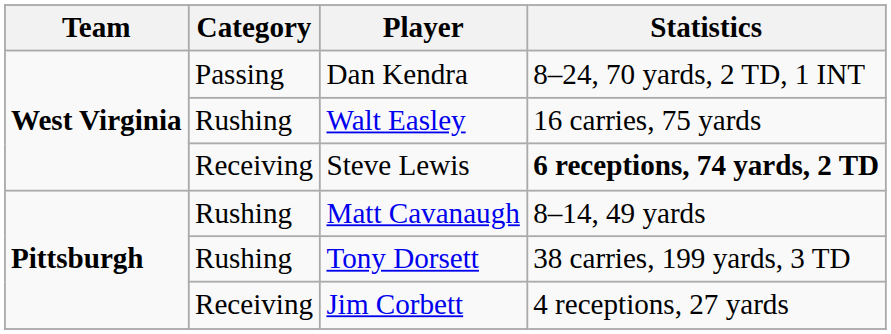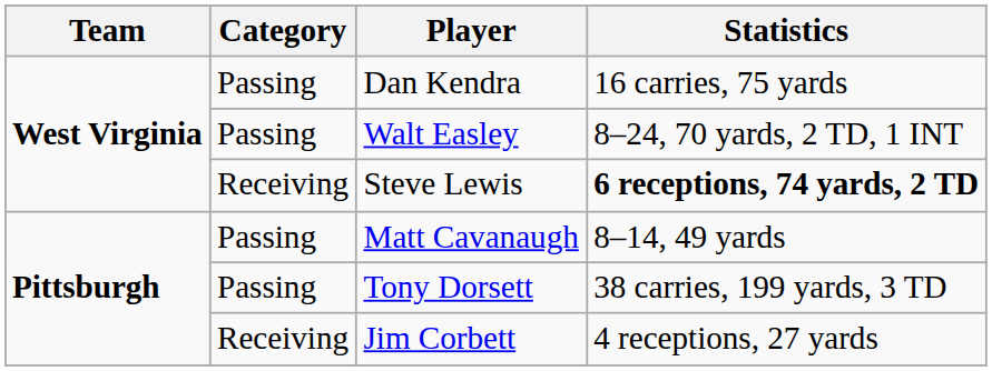 <table class="wikitable" style="float: right;">
 <tr>
 <th>Team</th>
 <th>Category</th>
 <th>Player</th>
 <th>Statistics</th>
 </tr>
 <tr>
 <td rowspan=3><strong>West Virginia</strong></td>
 <td>Passing</td>
 <td>Dan Kendra</td>
-<td>8–24, 70 yards, 2 TD, 1 INT</td>
+<td>16 carries, 75 yards</td>
 </tr>
 <tr>
-<td>Rushing</td>
+<td>Passing</td>
 <td><a href='#'>Walt Easley</a></td>
-<td>16 carries, 75 yards</td>
+<td>8–24, 70 yards, 2 TD, 1 INT</td>
 </tr>
 <tr>
 <td>Receiving</td>
 <td>Steve Lewis</td>
 <td><strong>6 receptions, 74 yards, 2 TD</strong></td>
 </tr>
 <tr>
 <td rowspan=3><strong>Pittsburgh</strong></td>
-<td>Rushing</td>
+<td>Passing</td>
 <td><a href='#'>Matt Cavanaugh</a></td>
 <td>8–14, 49 yards</td>
 </tr>
 <tr>
-<td>Rushing</td>
+<td>Passing</td>
 <td><a href='#'>Tony Dorsett</a></td>
 <td>38 carries, 199 yards, 3 TD</td>
 </tr>
 <tr>
 <td>Receiving</td>
 <td><a href='#'>Jim Corbett</a></td>
 <td>4 receptions, 27 yards</td>
 </tr>
 </table>
